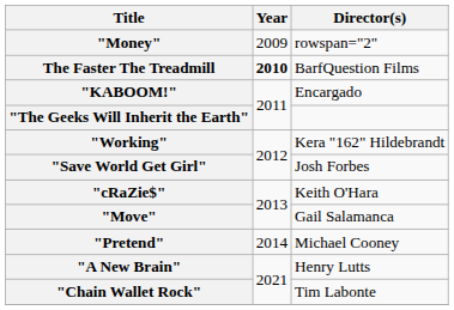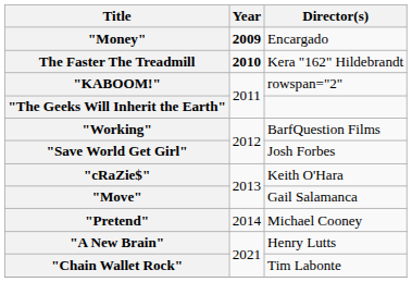 <table class="wikitable plainrowheaders">
 <tr>
 <th>Title</th>
 <th>Year</th>
 <th>Director(s)</th>
 </tr>
 <tr>
 <th scope="row">"Money"</th>
-<td style="text-align:center">2009</td>
-<td>rowspan="2" </td>
+<td style="text-align:center"><strong>2009</strong></td>
+<td style="text-align:left">Encargado</td>
 </tr>
 <tr>
 <th scope="row">The Faster The Treadmill</th>
 <td style="text-align:center"><strong>2010</strong></td>
-<td style="text-align:left">BarfQuestion Films</td>
+<td style="text-align:left">Kera "162" Hildebrandt</td>
 </tr>
 <tr>
 <th scope="row">"KABOOM!"</th>
 <td rowspan="2" style="text-align:center">2011</td>
-<td style="text-align:left">Encargado</td>
+<td>rowspan="2" </td>
 </tr>
 <tr>
 <th scope="row">"The Geeks Will Inherit the Earth"</th>
 </tr>
 <tr>
 <th scope="row">"Working"</th>
 <td rowspan="2" style="text-align:center">2012</td>
-<td style="text-align:left">Kera "162" Hildebrandt</td>
+<td style="text-align:left">BarfQuestion Films</td>
 </tr>
 <tr>
 <th scope="row">"Save World Get Girl"</th>
 <td style="text-align:left">Josh Forbes</td>
 </tr>
 <tr>
 <th scope="row">"cRaZie$"</th>
 <td rowspan="2" style="text-align:center">2013</td>
 <td style="text-align:left">Keith O'Hara</td>
 </tr>
 <tr>
 <th scope="row">"Move"</th>
 <td style="text-align:left">Gail Salamanca</td>
 </tr>
 <tr>
 <th scope="row">"Pretend"</th>
 <td style="text-align:center">2014</td>
 <td style="text-align:left">Michael Cooney</td>
 </tr>
 <tr>
 <th scope="row">"A New Brain"</th>
 <td rowspan="2" style="text-align:center">2021</td>
 <td style="text-align:left">Henry Lutts</td>
 </tr>
 <tr>
 <th scope="row">"Chain Wallet Rock"</th>
 <td style="text-align:left">Tim Labonte</td>
 </tr>
 <tr>
 </tr>
 </table>
